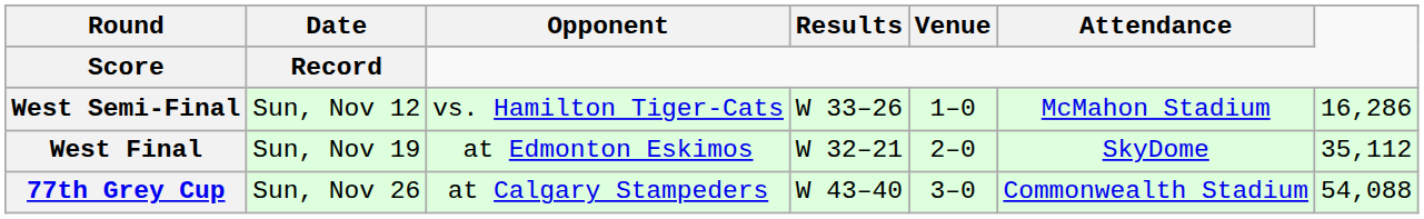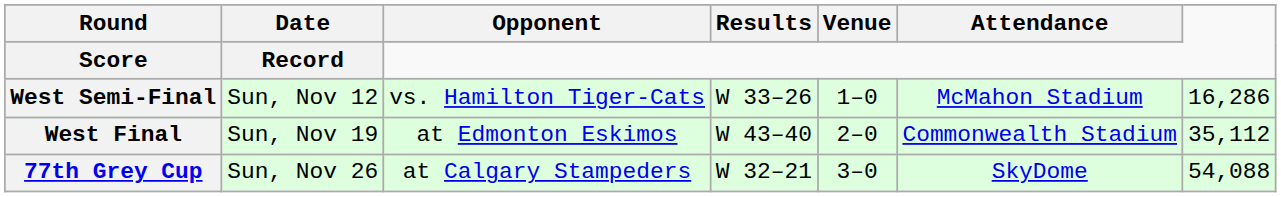 <table class="wikitable" style="text-align:center">
 <tr>
 <th>Round</th>
 <th>Date</th>
 <th>Opponent</th>
 <th>Results</th>
 <th>Venue</th>
 <th>Attendance</th>
 </tr>
 <tr>
 <th>Score</th>
 <th>Record</th>
 </tr>
 <tr style="background:#ddffdd">
 <th>West Semi-Final</th>
 <td>Sun, Nov 12</td>
 <td>vs. <a href='#'>Hamilton Tiger-Cats</a></td>
 <td>W 33–26</td>
 <td>1–0</td>
 <td><a href='#'>McMahon Stadium</a></td>
 <td>16,286</td>
 </tr>
 <tr style="background:#ddffdd">
 <th>West Final</th>
 <td>Sun, Nov 19</td>
 <td>at <a href='#'>Edmonton Eskimos</a></td>
-<td>W 32–21</td>
+<td>W 43–40</td>
 <td>2–0</td>
-<td><a href='#'>SkyDome</a></td>
+<td><a href='#'>Commonwealth Stadium</a></td>
 <td>35,112</td>
 </tr>
 <tr style="background:#ddffdd">
 <th><a href='#'>77th Grey Cup</a></th>
 <td>Sun, Nov 26</td>
 <td>at <a href='#'>Calgary Stampeders</a></td>
-<td>W 43–40</td>
+<td>W 32–21</td>
 <td>3–0</td>
-<td><a href='#'>Commonwealth Stadium</a></td>
+<td><a href='#'>SkyDome</a></td>
 <td>54,088</td>
 </tr>
 </table>
